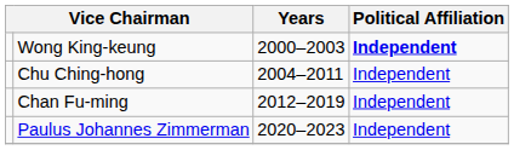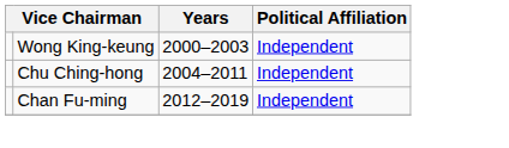 <table class="wikitable">
 <tr>
 <th colspan=2>Vice Chairman</th>
 <th>Years</th>
 <th>Political Affiliation</th>
 </tr>
 <tr>
 <td style="color:inherit;background:"></td>
 <td>Wong King-keung</td>
 <td>2000–2003</td>
-<td><strong><a href='#'>Independent</a></strong></td>
+<td><a href='#'>Independent</a></td>
 </tr>
 <tr>
 <td style="color:inherit;background:"></td>
 <td>Chu Ching-hong</td>
 <td>2004–2011</td>
 <td><a href='#'>Independent</a></td>
 </tr>
 <tr>
 <td style="color:inherit;background:"></td>
 <td>Chan Fu-ming</td>
 <td>2012–2019</td>
 <td><a href='#'>Independent</a></td>
 </tr>
 <tr>
-<td style="color:inherit;background:"></td>
-<td><a href='#'>Paulus Johannes Zimmerman</a></td>
-<td>2020–2023</td>
-<td><a href='#'>Independent</a></td>
-</tr>
-<tr>
 </tr>
 </table>
